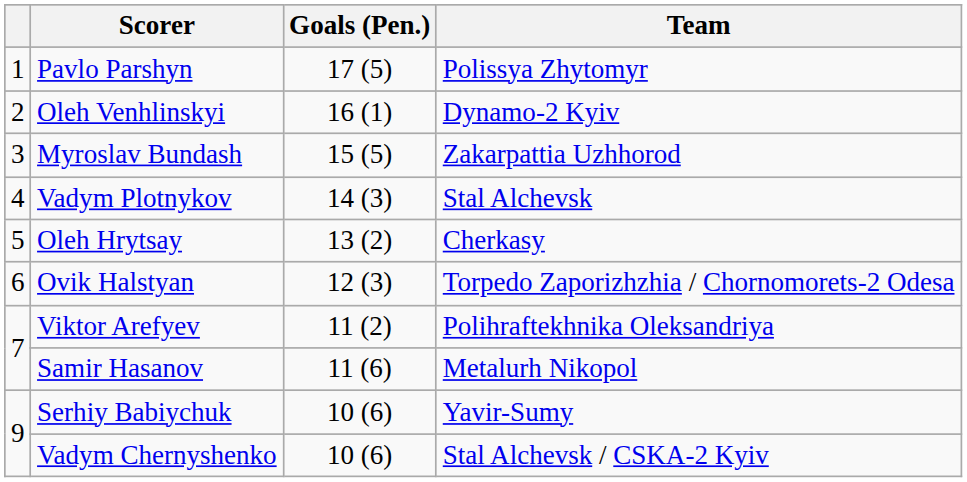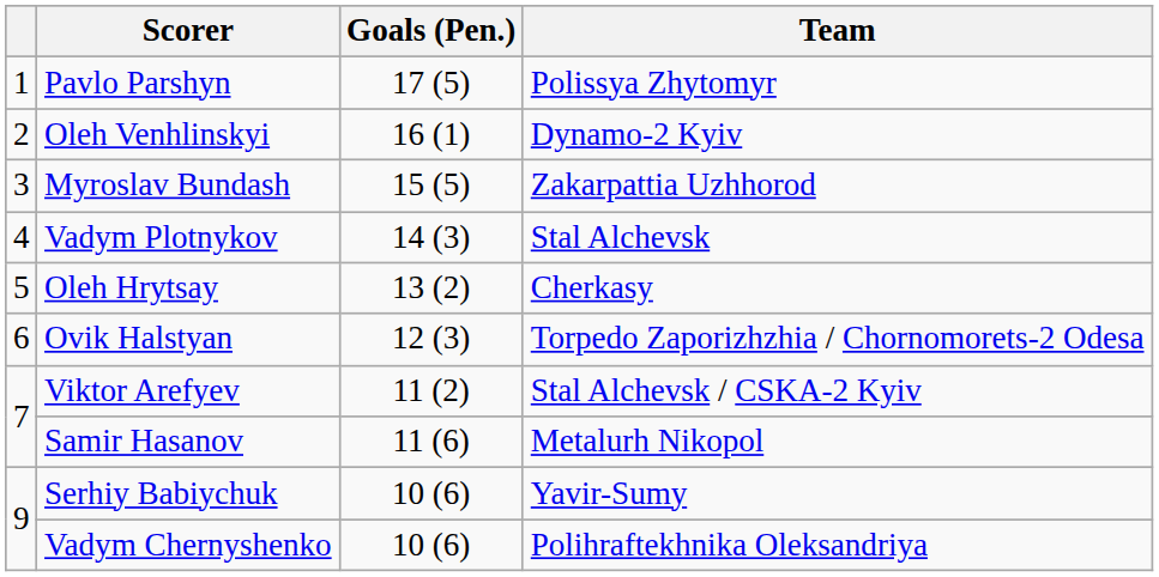 <table class="wikitable">
 <tr>
 <th></th>
 <th>Scorer</th>
 <th>Goals (Pen.)</th>
 <th>Team</th>
 </tr>
 <tr>
 <td>1</td>
 <td> <a href='#'>Pavlo Parshyn</a></td>
 <td align=center>17 (5)</td>
 <td><a href='#'>Polissya Zhytomyr</a></td>
 </tr>
 <tr>
 <td>2</td>
 <td> <a href='#'>Oleh Venhlinskyi</a></td>
 <td align=center>16 (1)</td>
 <td><a href='#'>Dynamo-2 Kyiv</a></td>
 </tr>
 <tr>
 <td>3</td>
 <td> <a href='#'>Myroslav Bundash</a></td>
 <td align=center>15 (5)</td>
 <td><a href='#'>Zakarpattia Uzhhorod</a></td>
 </tr>
 <tr>
 <td>4</td>
 <td> <a href='#'>Vadym Plotnykov</a></td>
 <td align=center>14 (3)</td>
 <td><a href='#'>Stal Alchevsk</a></td>
 </tr>
 <tr>
 <td>5</td>
 <td> <a href='#'>Oleh Hrytsay</a></td>
 <td align=center>13 (2)</td>
 <td><a href='#'>Cherkasy</a></td>
 </tr>
 <tr>
 <td>6</td>
 <td> <a href='#'>Ovik Halstyan</a></td>
 <td align=center>12 (3)</td>
 <td><a href='#'>Torpedo Zaporizhzhia</a> / <a href='#'>Chornomorets-2 Odesa</a></td>
 </tr>
 <tr>
 <td rowspan=2>7</td>
 <td> <a href='#'>Viktor Arefyev</a></td>
 <td align=center>11 (2)</td>
-<td><a href='#'>Polihraftekhnika Oleksandriya</a></td>
+<td><a href='#'>Stal Alchevsk</a> / <a href='#'>CSKA-2 Kyiv</a></td>
 </tr>
 <tr>
 <td> <a href='#'>Samir Hasanov</a></td>
 <td align=center>11 (6)</td>
 <td><a href='#'>Metalurh Nikopol</a></td>
 </tr>
 <tr>
 <td rowspan=2>9</td>
 <td> <a href='#'>Serhiy Babiychuk</a></td>
 <td align=center>10 (6)</td>
 <td><a href='#'>Yavir-Sumy</a></td>
 </tr>
 <tr>
 <td> <a href='#'>Vadym Chernyshenko</a></td>
 <td align=center>10 (6)</td>
-<td><a href='#'>Stal Alchevsk</a> / <a href='#'>CSKA-2 Kyiv</a></td>
+<td><a href='#'>Polihraftekhnika Oleksandriya</a></td>
 </tr>
 </table>
